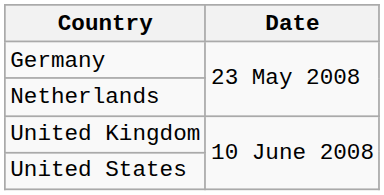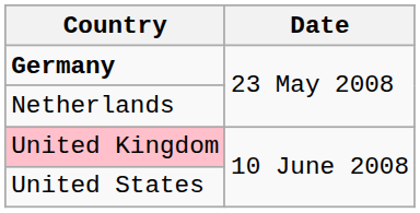 <table class="wikitable">
 <tr>
 <th>Country</th>
 <th>Date</th>
 </tr>
 <tr>
-<td>Germany</td>
+<td><strong>Germany</strong></td>
 <td rowspan="2">23 May 2008</td>
 </tr>
 <tr>
 <td>Netherlands</td>
 </tr>
 <tr>
-<td>United Kingdom</td>
+<td style="background: pink;">United Kingdom</td>
 <td rowspan="2">10 June 2008</td>
 </tr>
 <tr>
 <td>United States</td>
 </tr>
 </table>
